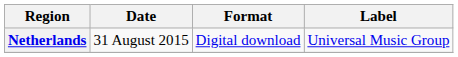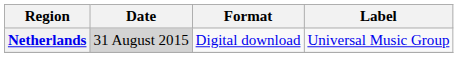 <table class="wikitable sortable plainrowheaders">
 <tr>
 <th scope="col">Region</th>
 <th scope="col">Date</th>
 <th scope="col">Format</th>
 <th scope="col">Label</th>
 </tr>
 <tr>
 <th scope="row"><a href='#'>Netherlands</a></th>
-<td>31 August 2015</td>
+<td style="background: lightgrey;">31 August 2015</td>
 <td><a href='#'>Digital download</a></td>
 <td><a href='#'>Universal Music Group</a></td>
 </tr>
 <tr>
 </tr>
 </table>
